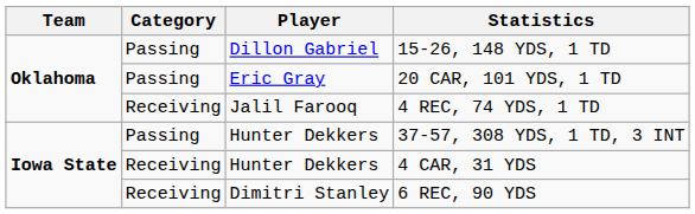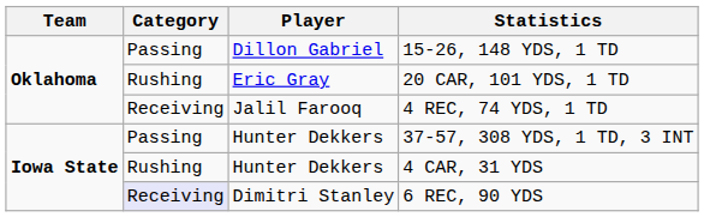 <table class="wikitable" style="float: right;">
 <tr>
 <th>Team</th>
 <th>Category</th>
 <th>Player</th>
 <th>Statistics</th>
 </tr>
 <tr>
 <td rowspan=3><strong>Oklahoma</strong></td>
 <td>Passing</td>
 <td><a href='#'>Dillon Gabriel</a></td>
 <td>15-26, 148 YDS, 1 TD</td>
 </tr>
 <tr>
-<td>Passing</td>
+<td>Rushing</td>
 <td><a href='#'>Eric Gray</a></td>
 <td>20 CAR, 101 YDS, 1 TD</td>
 </tr>
 <tr>
 <td>Receiving</td>
 <td>Jalil Farooq</td>
 <td>4 REC, 74 YDS, 1 TD</td>
 </tr>
 <tr>
 <td rowspan=3><strong>Iowa State</strong></td>
 <td>Passing</td>
 <td>Hunter Dekkers</td>
 <td>37-57, 308 YDS, 1 TD, 3 INT</td>
 </tr>
 <tr>
-<td>Receiving</td>
+<td>Rushing</td>
 <td>Hunter Dekkers</td>
 <td>4 CAR, 31 YDS</td>
 </tr>
 <tr>
-<td>Receiving</td>
+<td style="background: lavender;">Receiving</td>
 <td>Dimitri Stanley</td>
 <td>6 REC, 90 YDS</td>
 </tr>
 </table>
